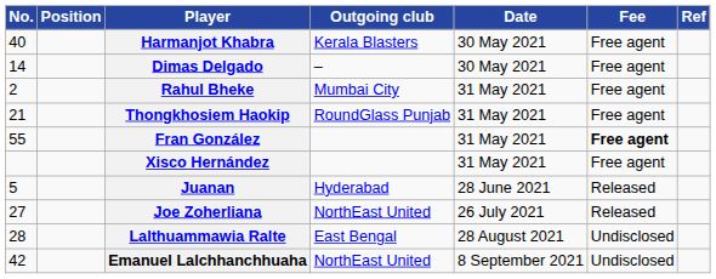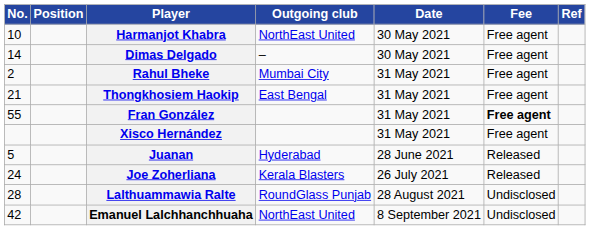 <table class="wikitable plainrowheaders" style="text-align:center; text-align:left">
 <tr>
 <th style="background:#2545A0; color:#FFFFFF; ">No.</th>
 <th scope="col" style="background:#2545A0; color:#FFFFFF; ">Position</th>
 <th scope="col" style="background:#2545A0; color:#FFFFFF; ">Player</th>
 <th scope="col" style="background:#2545A0; color:#FFFFFF; ">Outgoing club</th>
 <th scope="col" style="background:#2545A0; color:#FFFFFF; ">Date</th>
 <th scope="col" style="background:#2545A0; color:#FFFFFF; ">Fee</th>
 <th scope="col" style="background:#2545A0; color:#FFFFFF; ">Ref</th>
 </tr>
 <tr>
-<td>40</td>
+<td>10</td>
 <td></td>
 <th scope="row"> <a href='#'>Harmanjot Khabra</a></th>
-<td><a href='#'>Kerala Blasters</a></td>
+<td><a href='#'>NorthEast United</a></td>
 <td>30 May 2021</td>
 <td>Free agent</td>
 <td></td>
 </tr>
 <tr>
 <td>14</td>
 <td></td>
 <th scope="row"> <a href='#'>Dimas Delgado</a></th>
 <td>–</td>
 <td>30 May 2021</td>
 <td>Free agent</td>
 <td></td>
 </tr>
 <tr>
 <td>2</td>
 <td></td>
 <th scope="row"> <a href='#'>Rahul Bheke</a></th>
 <td><a href='#'>Mumbai City</a></td>
 <td>31 May 2021</td>
 <td>Free agent</td>
 <td></td>
 </tr>
 <tr>
 <td>21</td>
 <td></td>
 <th scope="row"> <a href='#'>Thongkhosiem Haokip</a></th>
-<td><a href='#'>RoundGlass Punjab</a></td>
+<td><a href='#'>East Bengal</a></td>
 <td>31 May 2021</td>
 <td>Free agent</td>
 <td></td>
 </tr>
 <tr>
 <td>55</td>
 <td></td>
 <th scope="row"> <a href='#'>Fran González</a></th>
 <td></td>
 <td>31 May 2021</td>
 <td><strong>Free agent</strong></td>
 <td></td>
 </tr>
 <tr>
 <td></td>
 <td></td>
 <th scope="row"> <a href='#'>Xisco Hernández</a></th>
 <td></td>
 <td>31 May 2021</td>
 <td>Free agent</td>
 <td></td>
 </tr>
 <tr>
 <td>5</td>
 <td></td>
 <th scope="row"> <a href='#'>Juanan</a></th>
 <td><a href='#'>Hyderabad</a></td>
 <td>28 June 2021</td>
 <td>Released</td>
 <td></td>
 </tr>
 <tr>
-<td>27</td>
+<td>24</td>
 <td></td>
 <th scope="row"> <a href='#'>Joe Zoherliana</a></th>
-<td><a href='#'>NorthEast United</a></td>
+<td><a href='#'>Kerala Blasters</a></td>
 <td>26 July 2021</td>
 <td>Released</td>
 <td></td>
 </tr>
 <tr>
 <td>28</td>
 <td></td>
 <th scope="row"> <a href='#'>Lalthuammawia Ralte</a></th>
-<td><a href='#'>East Bengal</a></td>
+<td><a href='#'>RoundGlass Punjab</a></td>
 <td>28 August 2021</td>
 <td>Undisclosed</td>
 <td></td>
 </tr>
 <tr>
 <td>42</td>
 <td></td>
 <th scope="row"> Emanuel Lalchhanchhuaha</th>
 <td><a href='#'>NorthEast United</a></td>
 <td>8 September 2021</td>
 <td>Undisclosed</td>
 <td></td>
 </tr>
 </table>
